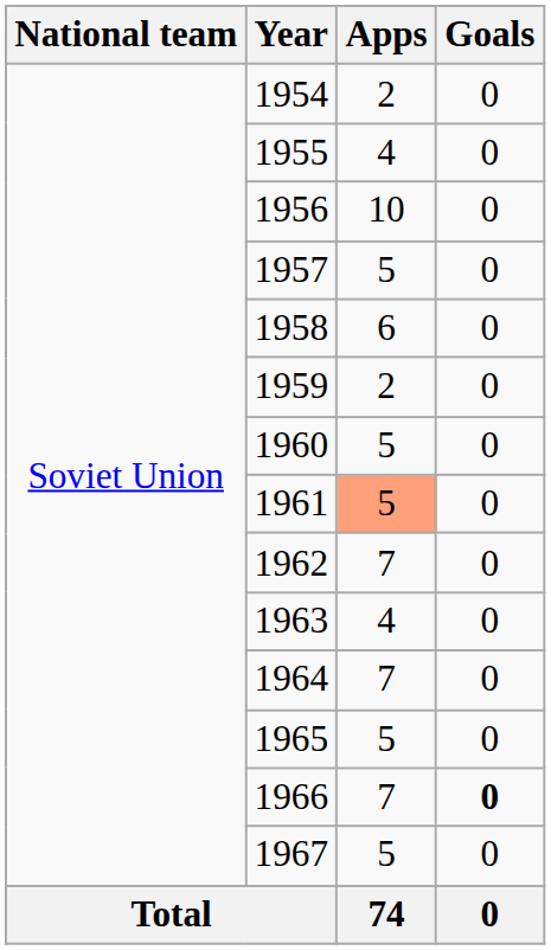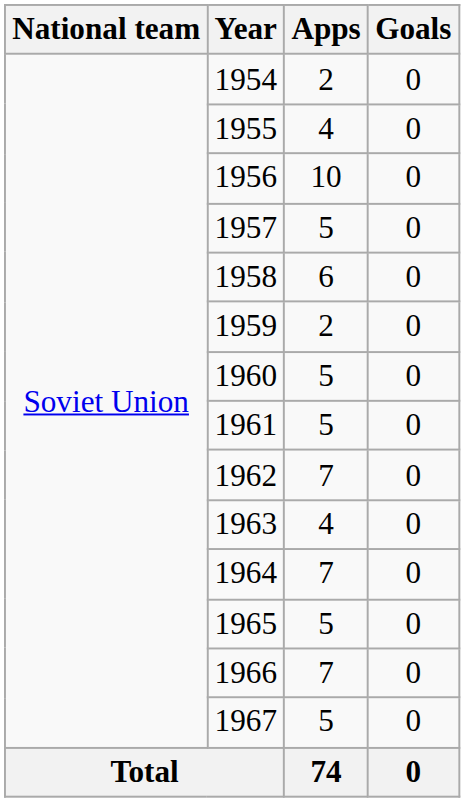 <table class="wikitable" style="text-align:center">
 <tr>
 <th>National team</th>
 <th>Year</th>
 <th>Apps</th>
 <th>Goals</th>
 </tr>
 <tr>
 <td rowspan="14"><a href='#'>Soviet Union</a></td>
 <td>1954</td>
 <td>2</td>
 <td>0</td>
 </tr>
 <tr>
 <td>1955</td>
 <td>4</td>
 <td>0</td>
 </tr>
 <tr>
 <td>1956</td>
 <td>10</td>
 <td>0</td>
 </tr>
 <tr>
 <td>1957</td>
 <td>5</td>
 <td>0</td>
 </tr>
 <tr>
 <td>1958</td>
 <td>6</td>
 <td>0</td>
 </tr>
 <tr>
 <td>1959</td>
 <td>2</td>
 <td>0</td>
 </tr>
 <tr>
 <td>1960</td>
 <td>5</td>
 <td>0</td>
 </tr>
 <tr>
 <td>1961</td>
-<td style="background: lightsalmon;">5</td>
+<td>5</td>
 <td>0</td>
 </tr>
 <tr>
 <td>1962</td>
 <td>7</td>
 <td>0</td>
 </tr>
 <tr>
 <td>1963</td>
 <td>4</td>
 <td>0</td>
 </tr>
 <tr>
 <td>1964</td>
 <td>7</td>
 <td>0</td>
 </tr>
 <tr>
 <td>1965</td>
 <td>5</td>
 <td>0</td>
 </tr>
 <tr>
 <td>1966</td>
 <td>7</td>
-<td><strong>0</strong></td>
+<td>0</td>
 </tr>
 <tr>
 <td>1967</td>
 <td>5</td>
 <td>0</td>
 </tr>
 <tr>
 <th colspan="2">Total</th>
 <th>74</th>
 <th>0</th>
 </tr>
 </table>
